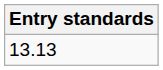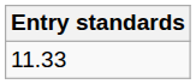 <table class="wikitable" border="1" align="upright">
 <tr>
 <th>Entry standards</th>
 </tr>
 <tr>
-<td>13.13</td>
+<td>11.33</td>
 </tr>
 </table>
